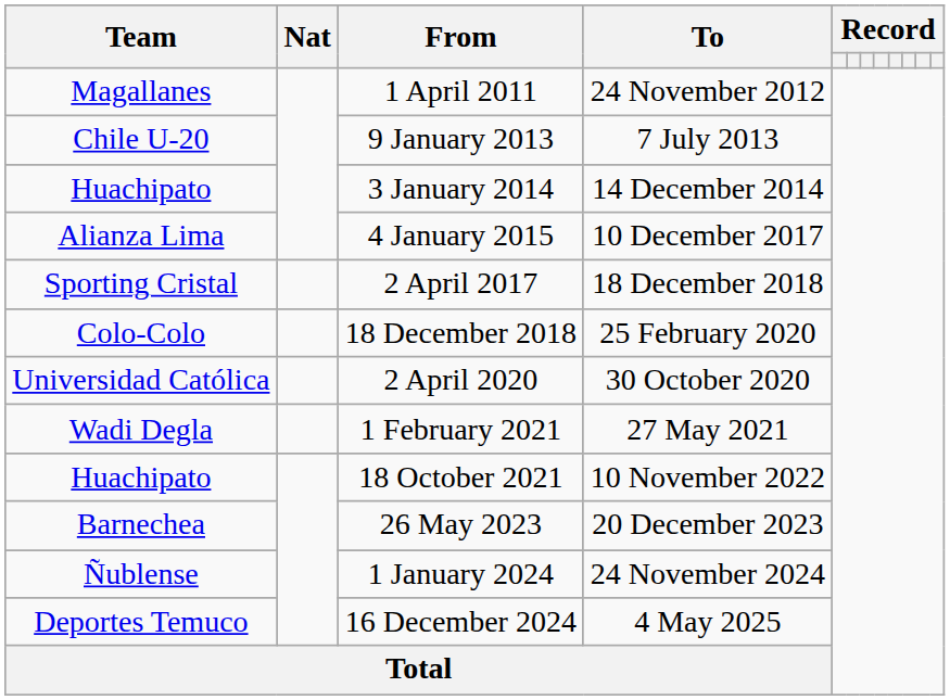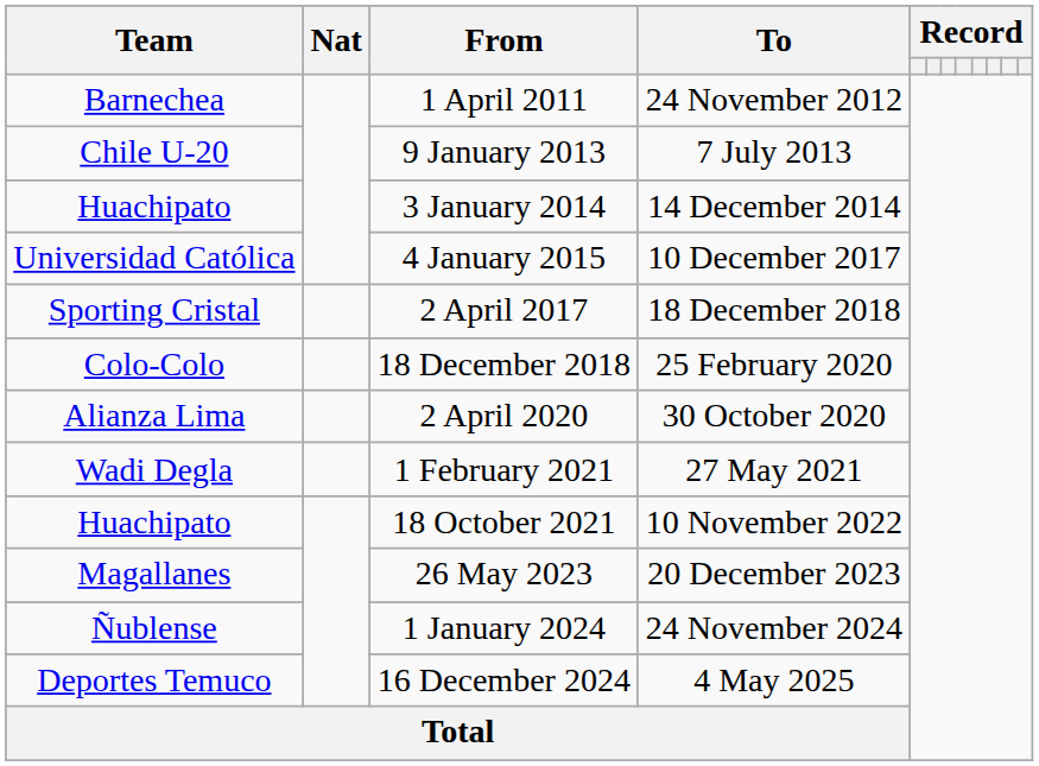 <table class="wikitable" style="text-align: center">
 <tr>
 <th rowspan=2>Team</th>
 <th rowspan=2>Nat</th>
 <th rowspan=2>From</th>
 <th rowspan=2>To</th>
 <th colspan=8>Record</th>
 </tr>
 <tr>
 <th></th>
 <th></th>
 <th></th>
 <th></th>
 <th></th>
 <th></th>
 <th></th>
 <th></th>
 </tr>
 <tr>
-<td align=center><a href='#'>Magallanes</a></td>
+<td align=center><a href='#'>Barnechea</a></td>
 <td rowspan="4"></td>
 <td>1 April 2011</td>
 <td>24 November 2012<br></td>
 </tr>
 <tr>
 <td><a href='#'>Chile U-20</a></td>
 <td>9 January 2013</td>
 <td>7 July 2013<br></td>
 </tr>
 <tr>
 <td align=center><a href='#'>Huachipato</a></td>
 <td>3 January 2014</td>
 <td>14 December 2014<br></td>
 </tr>
 <tr>
-<td align=center><a href='#'>Alianza Lima</a></td>
+<td align=center><a href='#'>Universidad Católica</a></td>
 <td>4 January 2015</td>
 <td>10 December 2017<br></td>
 </tr>
 <tr>
 <td align=center><a href='#'>Sporting Cristal</a></td>
 <td></td>
 <td>2 April 2017</td>
 <td>18 December 2018<br></td>
 </tr>
 <tr>
 <td align=center><a href='#'>Colo-Colo</a></td>
 <td></td>
 <td>18 December 2018</td>
 <td>25 February 2020<br></td>
 </tr>
 <tr>
-<td align=center><a href='#'>Universidad Católica</a></td>
+<td align=center><a href='#'>Alianza Lima</a></td>
 <td></td>
 <td>2 April 2020</td>
 <td>30 October 2020<br></td>
 </tr>
 <tr>
 <td align=center><a href='#'>Wadi Degla</a></td>
 <td></td>
 <td>1 February 2021</td>
 <td>27 May 2021<br></td>
 </tr>
 <tr>
 <td align=center><a href='#'>Huachipato</a></td>
 <td rowspan="4"></td>
 <td>18 October 2021</td>
 <td>10 November 2022<br></td>
 </tr>
 <tr>
-<td align=center><a href='#'>Barnechea</a></td>
+<td align=center><a href='#'>Magallanes</a></td>
 <td>26 May 2023</td>
 <td>20 December 2023<br></td>
 </tr>
 <tr>
 <td align=center><a href='#'>Ñublense</a></td>
 <td>1 January 2024</td>
 <td>24 November 2024<br></td>
 </tr>
 <tr>
 <td align=center><a href='#'>Deportes Temuco</a></td>
 <td>16 December 2024</td>
 <td>4 May 2025<br></td>
 </tr>
 <tr>
 <th colspan=4>Total<br></th>
 </tr>
 </table>
